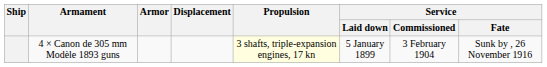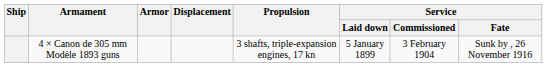 <table class="wikitable plainrowheaders" style="text-align: center;">
 <tr valign="top">
 <th scope="col" rowspan="2">Ship</th>
 <th scope="col" rowspan="2">Armament</th>
 <th scope="col" rowspan="2">Armor</th>
 <th scope="col" rowspan="2">Displacement</th>
 <th scope="col" rowspan="2">Propulsion</th>
 <th scope="col" colspan="3">Service</th>
 </tr>
 <tr valign="top">
 <th scope="col">Laid down</th>
 <th scope="col">Commissioned</th>
 <th scope="col">Fate</th>
 </tr>
 <tr valign="center">
 <th scope="row"></th>
 <td>4 × Canon de 305 mm Modèle 1893 guns</td>
 <td></td>
 <td></td>
-<td style="background: lightyellow;">3 shafts, triple-expansion engines, 17 kn</td>
+<td>3 shafts, triple-expansion engines, 17 kn</td>
 <td>5 January 1899</td>
 <td>3 February 1904</td>
 <td>Sunk by , 26 November 1916</td>
 </tr>
 </table>
